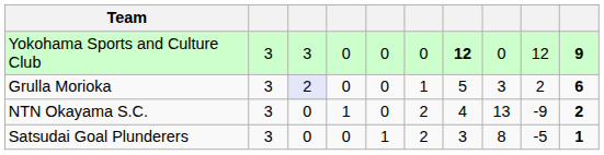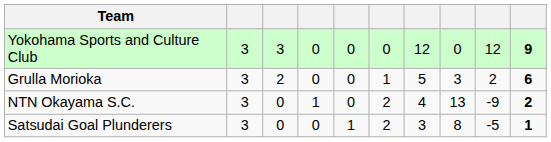 <table class="wikitable sortable" style="text-align: center">
 <tr style="line-height:1.25em">
 <th style="width:15em">Team</th>
 <th style="width:2em"><br></th>
 <th style="width:2em"><br></th>
 <th style="width:2em"><br></th>
 <th style="width:2em"><br></th>
 <th style="width:2em"><br></th>
 <th style="width:2em"><br></th>
 <th style="width:2em"><br></th>
 <th style="width:2em"><br></th>
 <th style="width:2em"><br></th>
 </tr>
 <tr bgcolor="#ccffcc">
 <td align="left">Yokohama Sports and Culture Club</td>
 <td>3</td>
 <td>3</td>
 <td>0</td>
 <td>0</td>
 <td>0</td>
-<td><strong>12</strong></td>
+<td>12</td>
 <td>0</td>
 <td>12</td>
 <td><strong>9</strong></td>
 </tr>
 <tr>
 <td align="left">Grulla Morioka</td>
 <td>3</td>
-<td style="background: lavender;">2</td>
+<td>2</td>
 <td>0</td>
 <td>0</td>
 <td>1</td>
 <td>5</td>
 <td>3</td>
 <td>2</td>
 <td><strong>6</strong></td>
 </tr>
 <tr>
 <td align="left">NTN Okayama S.C.</td>
 <td>3</td>
 <td>0</td>
 <td>1</td>
 <td>0</td>
 <td>2</td>
 <td>4</td>
 <td>13</td>
 <td>-9</td>
 <td><strong>2</strong></td>
 </tr>
 <tr>
 <td align="left">Satsudai Goal Plunderers</td>
 <td>3</td>
 <td>0</td>
 <td>0</td>
 <td>1</td>
 <td>2</td>
 <td>3</td>
 <td>8</td>
 <td>-5</td>
 <td><strong>1</strong></td>
 </tr>
 </table>
